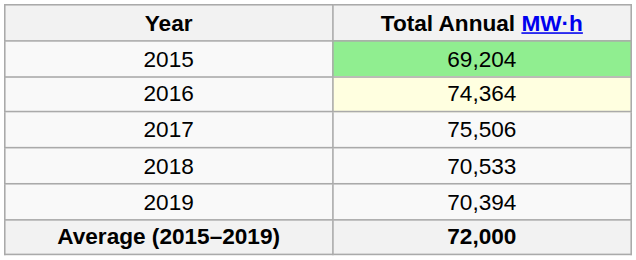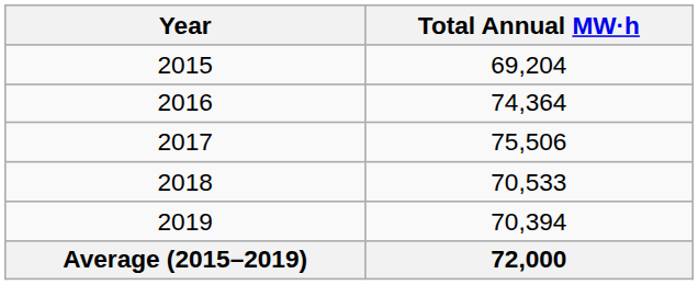 <table class=wikitable style="text-align:right; font-size:0.9em; width:400px;">
 <tr>
 <th>Year</th>
 <th>Total Annual <a href='#'>MW·h</a></th>
 </tr>
 <tr>
 <td align="center">2015</td>
-<td align="center" style="background: lightgreen;">69,204</td>
+<td align="center">69,204</td>
 </tr>
 <tr>
 <td align="center">2016</td>
-<td align="center" style="background: lightyellow;">74,364</td>
+<td align="center">74,364</td>
 </tr>
 <tr>
 <td align="center">2017</td>
 <td align="center">75,506</td>
 </tr>
 <tr>
 <td align="center">2018</td>
 <td align="center">70,533</td>
 </tr>
 <tr>
 <td align="center">2019</td>
 <td align="center">70,394</td>
 </tr>
 <tr>
 <th>Average (2015–2019)</th>
 <th>72,000</th>
 </tr>
 </table>
